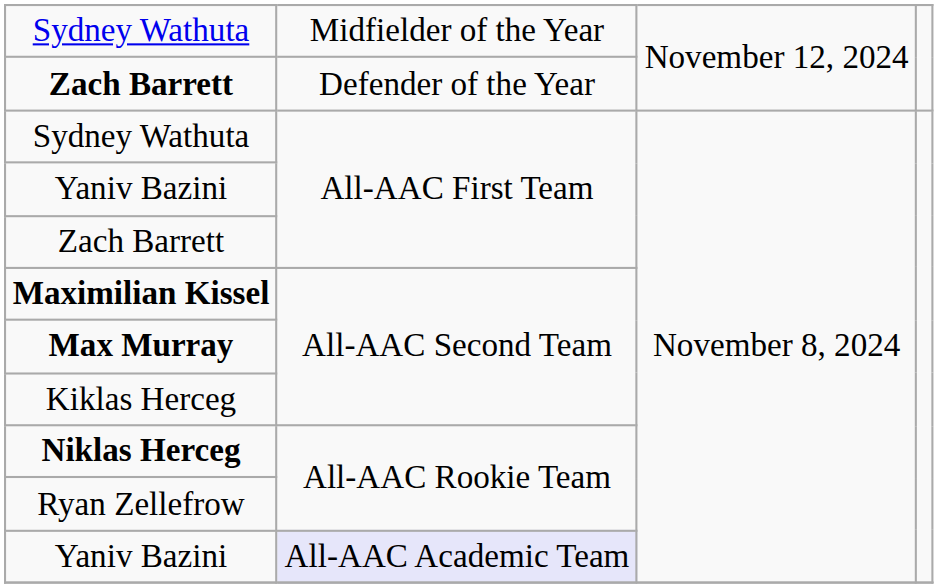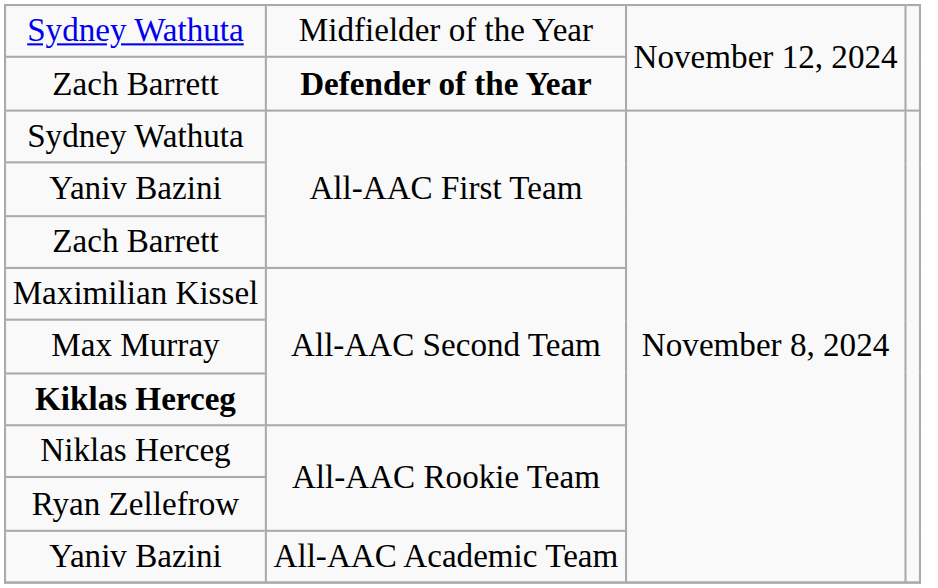 <table class="wikitable sortable" style="text-align: center">
 <tr>
 <td><a href='#'>Sydney Wathuta</a></td>
 <td>Midfielder of the Year</td>
 <td rowspan=2>November 12, 2024</td>
 <td rowspan=2></td>
 </tr>
 <tr>
-<td><strong>Zach Barrett</strong></td>
-<td>Defender of the Year</td>
+<td>Zach Barrett</td>
+<td><strong>Defender of the Year</strong></td>
 </tr>
 <tr>
 <td>Sydney Wathuta</td>
 <td rowspan=3>All-AAC First Team</td>
 <td rowspan=9>November 8, 2024</td>
 <td rowspan=9></td>
 </tr>
 <tr>
 <td>Yaniv Bazini</td>
 </tr>
 <tr>
 <td>Zach Barrett</td>
 </tr>
 <tr>
-<td><strong>Maximilian Kissel</strong></td>
+<td>Maximilian Kissel</td>
 <td rowspan=3>All-AAC Second Team</td>
 </tr>
 <tr>
-<td><strong>Max Murray</strong></td>
+<td>Max Murray</td>
 </tr>
 <tr>
-<td>Kiklas Herceg</td>
+<td><strong>Kiklas Herceg</strong></td>
 </tr>
 <tr>
-<td><strong>Niklas Herceg</strong></td>
+<td>Niklas Herceg</td>
 <td rowspan=2>All-AAC Rookie Team</td>
 </tr>
 <tr>
 <td>Ryan Zellefrow</td>
 </tr>
 <tr>
 <td>Yaniv Bazini</td>
-<td style="background: lavender;">All-AAC Academic Team</td>
+<td>All-AAC Academic Team</td>
 </tr>
 <tr>
 </tr>
 </table>
